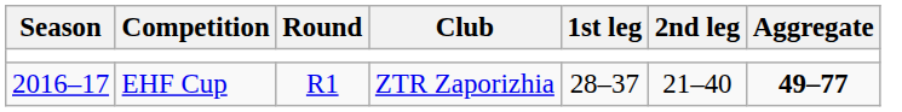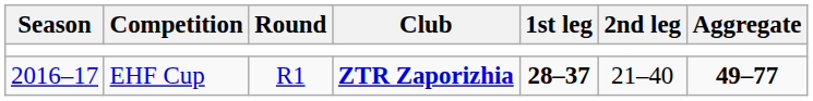 <table class="wikitable">
 <tr>
 <th>Season</th>
 <th>Competition</th>
 <th>Round</th>
 <th>Club</th>
 <th>1st leg</th>
 <th>2nd leg</th>
 <th>Aggregate</th>
 </tr>
 <tr>
 <td colspan="7" bgcolor=white></td>
 </tr>
 <tr>
 <td><a href='#'>2016–17</a></td>
 <td><a href='#'>EHF Cup</a></td>
 <td style="text-align:center;"><a href='#'>R1</a></td>
-<td> <a href='#'>ZTR Zaporizhia</a></td>
-<td style="text-align:center;">28–37</td>
+<td><strong> <a href='#'>ZTR Zaporizhia</a></strong></td>
+<td style="text-align:center;"><strong>28–37</strong></td>
 <td style="text-align:center;">21–40</td>
 <td style="text-align:center;"><strong>49–77</strong></td>
 </tr>
 </table>
